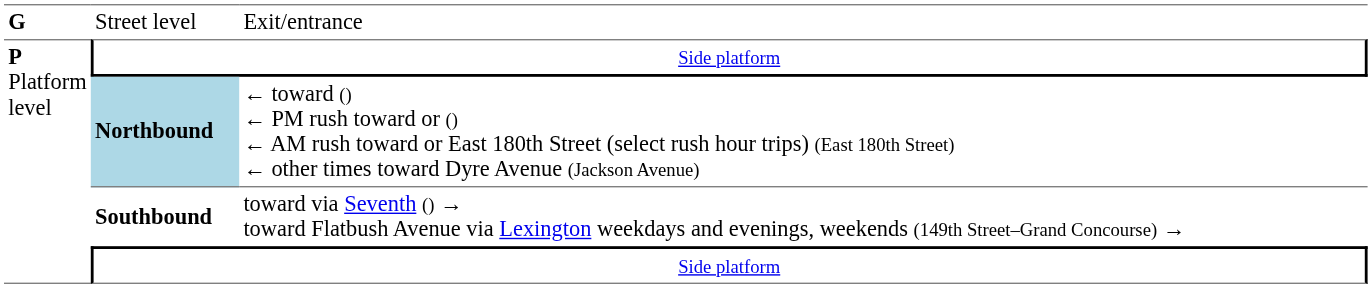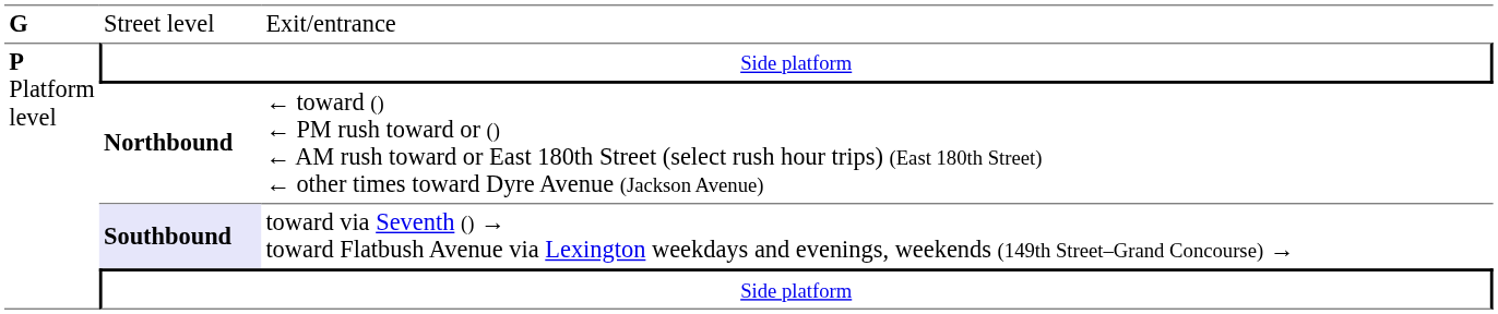 <table border=0 cellspacing=0 cellpadding=3>
 <tr>
 <td style="border-top:solid 1px gray;" width=50><strong>G</strong></td>
 <td style="border-top:solid 1px gray;" width=100>Street level</td>
 <td style="border-top:solid 1px gray;" width=800>Exit/entrance<br></td>
 </tr>
 <tr>
 <td style="border-top:solid 1px gray;border-bottom:solid 1px gray;" rowspan=4 valign=top><strong>P</strong><br>Platform level</td>
 <td style="border-top:solid 1px gray;border-right:solid 2px black;border-left:solid 2px black;border-bottom:solid 2px black;text-align:center;" colspan=2><small><a href='#'>Side platform</a> </small></td>
 </tr>
 <tr>
-<td style="background: lightblue; border-bottom:solid 1px gray;"><strong>Northbound</strong></td>
+<td style="border-bottom:solid 1px gray;"><strong>Northbound</strong></td>
 <td style="border-bottom:solid 1px gray;">←  toward  <small>()</small><br>←  PM rush toward  or  <small>()</small><br>←  AM rush toward  or East 180th Street (select rush hour trips) <small>(East 180th Street)</small><br>←  other times toward Dyre Avenue <small>(Jackson Avenue)</small></td>
 </tr>
 <tr>
-<td><strong>Southbound</strong></td>
+<td style="background: lavender;"><strong>Southbound</strong></td>
 <td>  toward  via <a href='#'>Seventh</a> <small>()</small> →<br>  toward Flatbush Avenue via <a href='#'>Lexington</a> weekdays and evenings,  weekends  <small>(149th Street–Grand Concourse)</small> →</td>
 </tr>
 <tr>
 <td style="border-bottom:solid 1px gray;border-top:solid 2px black;border-right:solid 2px black;border-left:solid 2px black;text-align:center;" colspan=2><small><a href='#'>Side platform</a> </small></td>
 </tr>
 </table>
